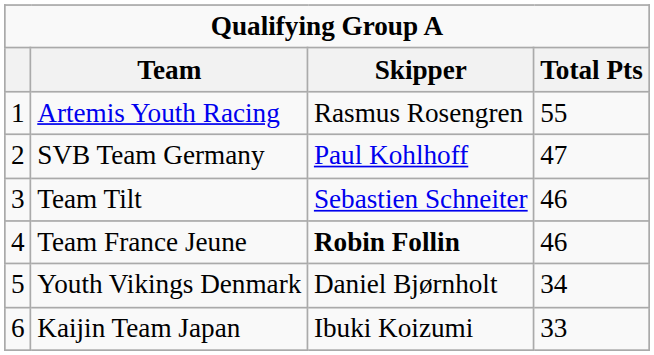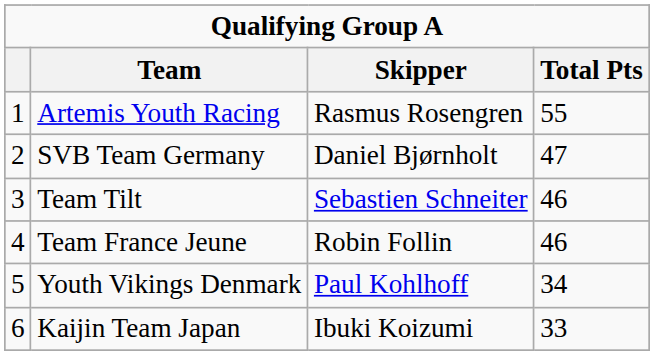 <table class="wikitable" style="display: inline-table;">
 <tr>
 <td colspan="6" style="text-align:center;"><strong>Qualifying Group A</strong></td>
 </tr>
 <tr>
 <th></th>
 <th>Team</th>
 <th>Skipper</th>
 <th>Total Pts</th>
 </tr>
 <tr>
 <td>1</td>
 <td> <a href='#'>Artemis Youth Racing</a></td>
 <td>Rasmus Rosengren</td>
 <td>55</td>
 </tr>
 <tr>
 <td>2</td>
 <td> SVB Team Germany</td>
-<td><a href='#'>Paul Kohlhoff</a></td>
+<td>Daniel Bjørnholt</td>
 <td>47</td>
 </tr>
 <tr>
 <td>3</td>
 <td> Team Tilt</td>
 <td><a href='#'>Sebastien Schneiter</a></td>
 <td>46</td>
 </tr>
 <tr>
 <td>4</td>
 <td> Team France Jeune</td>
-<td><strong>Robin Follin</strong></td>
+<td>Robin Follin</td>
 <td>46</td>
 </tr>
 <tr>
 <td>5</td>
 <td> Youth Vikings Denmark</td>
-<td>Daniel Bjørnholt</td>
+<td><a href='#'>Paul Kohlhoff</a></td>
 <td>34</td>
 </tr>
 <tr>
 <td>6</td>
 <td> Kaijin Team Japan</td>
 <td>Ibuki Koizumi</td>
 <td>33</td>
 </tr>
 </table>
